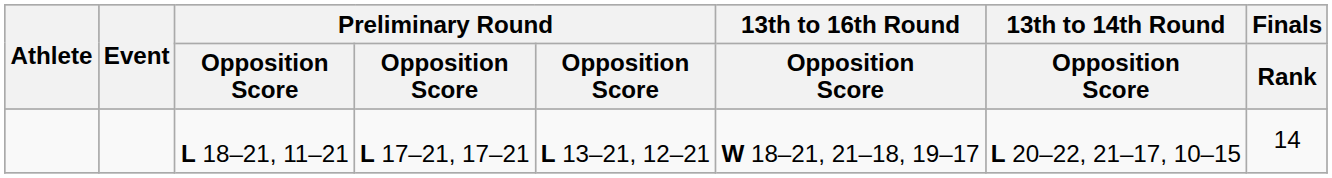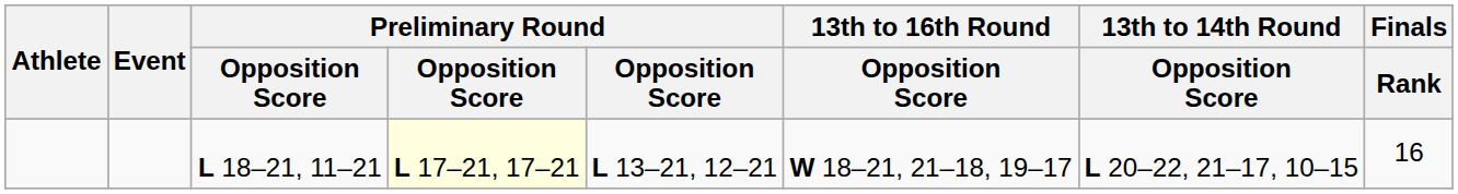 <table class="wikitable" border="1" style="font-size:90%">
 <tr>
 <th rowspan=2>Athlete</th>
 <th rowspan=2>Event</th>
 <th colspan=3>Preliminary Round</th>
 <th>13th to 16th Round</th>
 <th>13th to 14th Round</th>
 <th>Finals</th>
 </tr>
 <tr>
 <th>Opposition<br>Score</th>
 <th>Opposition<br>Score</th>
 <th>Opposition<br>Score</th>
 <th>Opposition<br>Score</th>
 <th>Opposition<br>Score</th>
 <th>Rank</th>
 </tr>
 <tr align=center>
 <td align=left><br></td>
 <td align=left></td>
 <td><br><strong>L</strong> 18–21, 11–21</td>
-<td><br><strong>L</strong> 17–21, 17–21</td>
+<td style="background: lightyellow;"><br><strong>L</strong> 17–21, 17–21</td>
 <td><br><strong>L</strong> 13–21, 12–21</td>
 <td><br><strong>W</strong> 18–21, 21–18, 19–17</td>
 <td><br><strong>L</strong> 20–22, 21–17, 10–15</td>
-<td>14</td>
+<td>16</td>
 </tr>
 </table>
